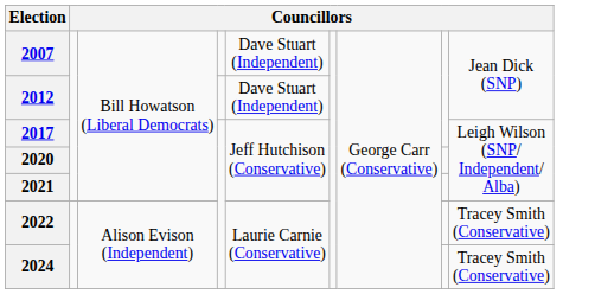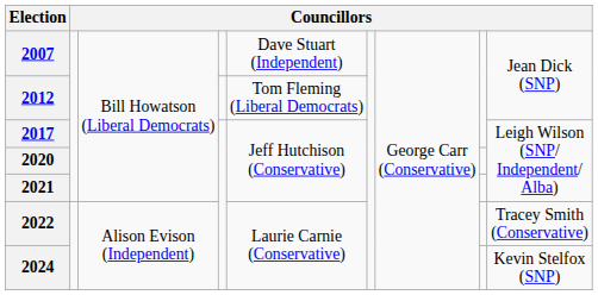 <table class="wikitable" style="text-align:center">
 <tr>
 <th>Election</th>
 <th colspan=8>Councillors</th>
 </tr>
 <tr>
 <th><a href='#'>2007</a></th>
 <td rowspan=5; style="background-color: "></td>
 <td rowspan=5>Bill Howatson<br>(<a href='#'>Liberal Democrats</a>)</td>
 <td rowspan=1; style="background-color: "></td>
 <td>Dave Stuart<br>(<a href='#'>Independent</a>)</td>
 <td rowspan=7; style="background-color: "></td>
 <td rowspan=7>George Carr<br>(<a href='#'>Conservative</a>)</td>
 <td rowspan=3; style="background-color: "></td>
 <td rowspan=2>Jean Dick<br>(<a href='#'>SNP</a>)</td>
 </tr>
 <tr>
 <th><a href='#'>2012</a></th>
 <td rowspan=1; style="background-color: "></td>
-<td>Dave Stuart<br>(<a href='#'>Independent</a>)</td>
+<td>Tom Fleming<br>(<a href='#'>Liberal Democrats</a>)</td>
 </tr>
 <tr>
 <th><a href='#'>2017</a></th>
 <td rowspan=5; style="background-color: "></td>
 <td rowspan=3>Jeff Hutchison<br>(<a href='#'>Conservative</a>)</td>
 <td rowspan=3>Leigh Wilson<br>(<a href='#'>SNP</a>/<br><a href='#'>Independent</a>/<br><a href='#'>Alba</a>)</td>
 </tr>
 <tr>
 <th>2020</th>
 <td rowspan=1; style="background-color: "></td>
 </tr>
 <tr>
 <th>2021</th>
 <td rowspan=1; style="background-color: "></td>
 </tr>
 <tr>
 <th>2022</th>
 <td rowspan=2; style="background-color: "></td>
 <td rowspan=2>Alison Evison <br>(<a href='#'>Independent</a>)</td>
 <td rowspan=2>Laurie Carnie<br>(<a href='#'>Conservative</a>)</td>
 <td rowspan=1; style="background-color: "></td>
 <td rowspan=1>Tracey Smith<br>(<a href='#'>Conservative</a>)</td>
 </tr>
 <tr>
 <th>2024</th>
 <td rowspan=1; style="background-color: "></td>
-<td rowspan=1>Tracey Smith<br>(<a href='#'>Conservative</a>)</td>
+<td rowspan=1>Kevin Stelfox<br>(<a href='#'>SNP</a>)</td>
 </tr>
 </table>
